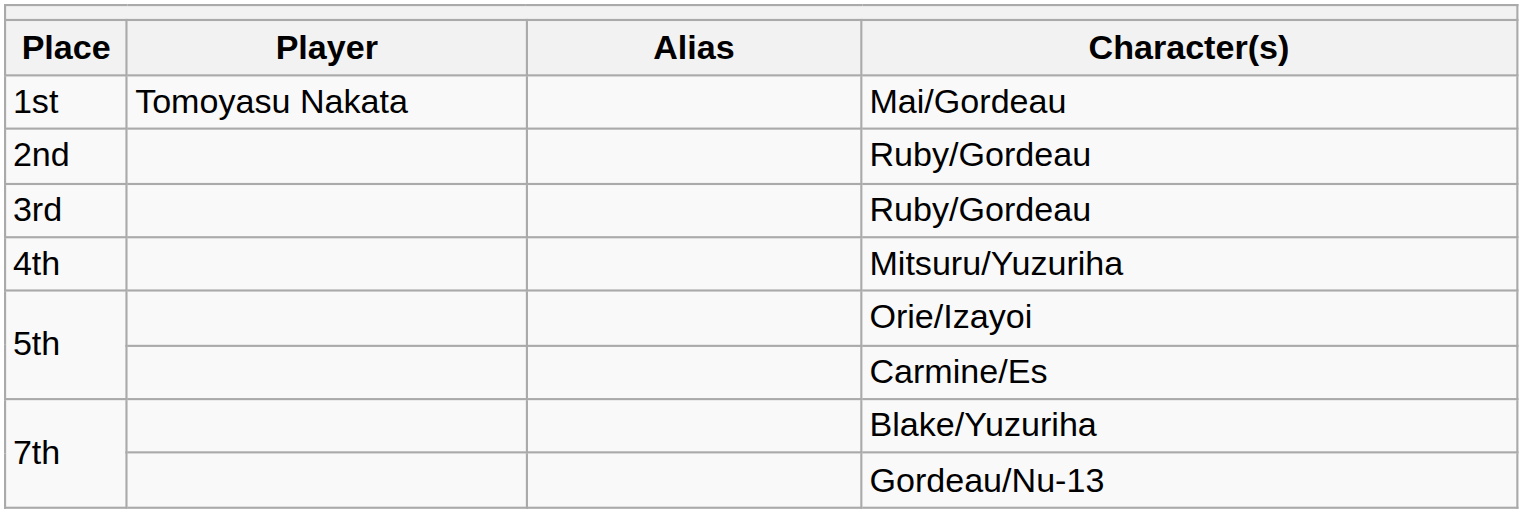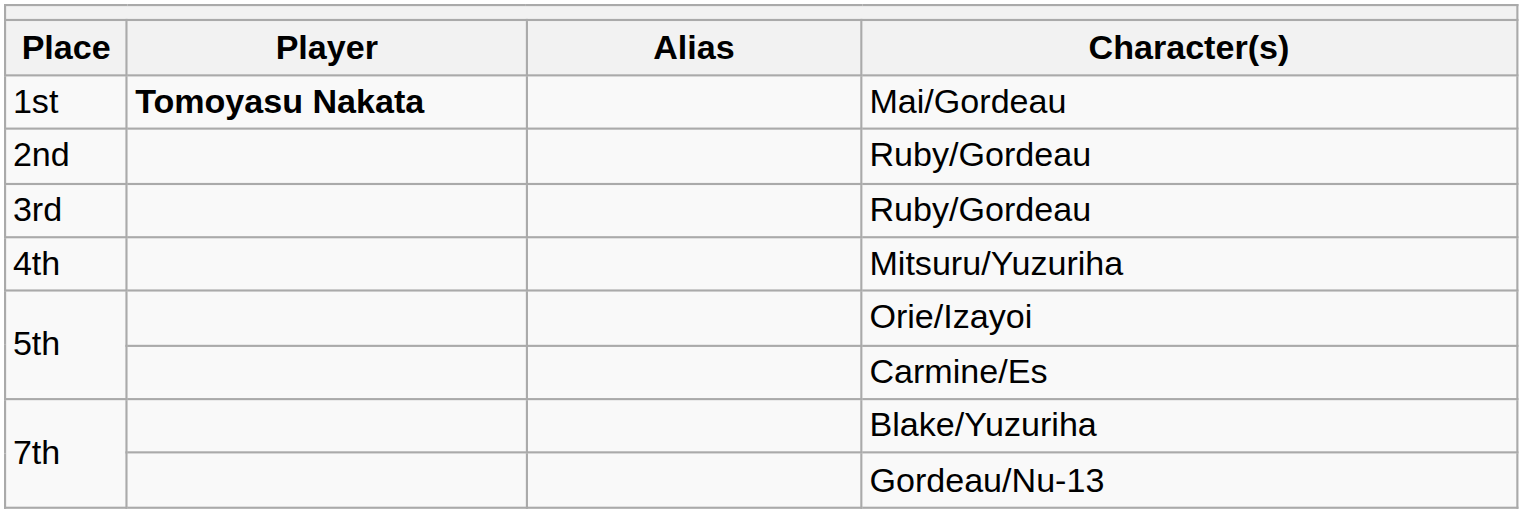 <table class="wikitable">
 <tr>
 <th colspan=5></th>
 </tr>
 <tr>
 <th style="width:50px;">Place</th>
 <th style="width:180px;">Player</th>
 <th style="width:150px;">Alias</th>
 <th style="width:300px;">Character(s)</th>
 </tr>
 <tr>
 <td>1st</td>
-<td> Tomoyasu Nakata</td>
+<td><strong> Tomoyasu Nakata</strong></td>
 <td></td>
 <td>Mai/Gordeau</td>
 </tr>
 <tr>
 <td>2nd</td>
 <td></td>
 <td></td>
 <td>Ruby/Gordeau</td>
 </tr>
 <tr>
 <td>3rd</td>
 <td></td>
 <td></td>
 <td>Ruby/Gordeau</td>
 </tr>
 <tr>
 <td>4th</td>
 <td></td>
 <td></td>
 <td>Mitsuru/Yuzuriha</td>
 </tr>
 <tr>
 <td rowspan=2>5th</td>
 <td></td>
 <td></td>
 <td>Orie/Izayoi</td>
 </tr>
 <tr>
 <td></td>
 <td></td>
 <td>Carmine/Es</td>
 </tr>
 <tr>
 <td rowspan=2>7th</td>
 <td></td>
 <td></td>
 <td>Blake/Yuzuriha</td>
 </tr>
 <tr>
 <td></td>
 <td></td>
 <td>Gordeau/Nu-13</td>
 </tr>
 </table>
